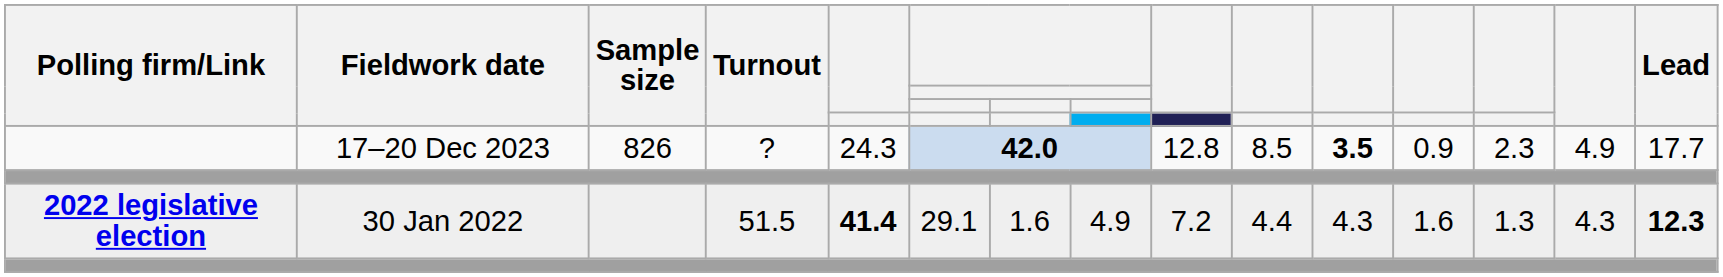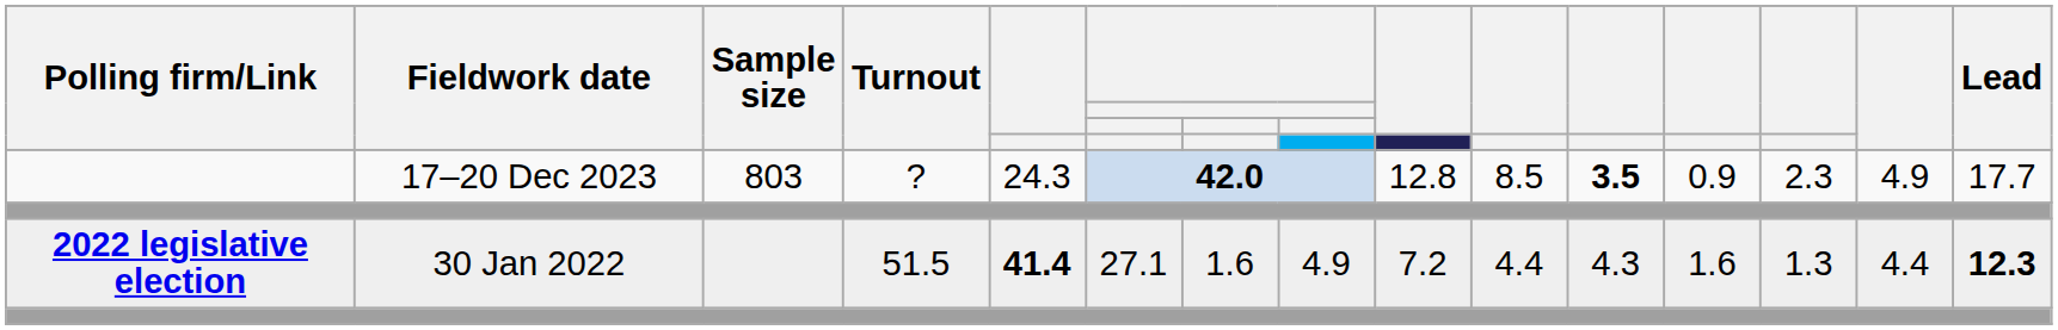 <table class="wikitable sortable mw-datatable" style="text-align:center;font-size:95%;line-height:16px;">
 <tr style="height:42px;">
 <th style="width:145px;" rowspan="4">Polling firm/Link</th>
 <th style="width:145px;" rowspan="4">Fieldwork date</th>
 <th class="unsortable" style="width:50px;" rowspan="4">Sample size</th>
 <th class="unsortable" style="width:45px;" rowspan="4">Turnout</th>
 <th rowspan="3" class="sortable" style="width:35px;"></th>
 <th colspan="3" class="unsortable" style="width:35px;"></th>
 <th rowspan="3" class="sortable" style="width:35px;"></th>
 <th rowspan="3" class="sortable" style="width:35px;"></th>
 <th rowspan="3" class="sortable" style="width:35px;"></th>
 <th rowspan="3" class="sortable" style="width:35px;"></th>
 <th rowspan="3" class="sortable" style="width:35px;"></th>
 <th class="unsortable" style="width:35px;" rowspan="4"></th>
 <th class="unsortable" style="width:30px;" rowspan="4">Lead</th>
 </tr>
 <tr>
 <th colspan="3" class="unsortable" style="color:inherit;background:"></th>
 </tr>
 <tr>
 <th class="unsortable" style="width:35px;"></th>
 <th class="unsortable" style="width:35px;"></th>
 <th class="unsortable" style="width:35px;"></th>
 </tr>
 <tr>
 <th class="sortable" style="color:inherit;background:"></th>
 <th class="unsortable" style="color:inherit;background:"></th>
 <th class="unsortable" style="color:inherit;background:"></th>
 <th class="sortable" style="color:inherit;background:#00ADEF;"></th>
 <th class="sortable" style="color:inherit;background:#202056;"></th>
 <th class="sortable" style="color:inherit;background:"></th>
 <th class="sortable" style="color:inherit;background:"></th>
 <th class="sortable" style="color:inherit;background:"></th>
 <th class="sortable" style="color:inherit;background:"></th>
 </tr>
 <tr>
 <td></td>
 <td data-sort-value="2019-10-03">17–20 Dec 2023</td>
-<td>826</td>
+<td>803</td>
 <td>?</td>
 <td>24.3</td>
 <td colspan="3" style="background:#CBDCEF"><strong>42.0</strong></td>
 <td>12.8</td>
 <td>8.5</td>
 <td><strong>3.5</strong></td>
 <td>0.9</td>
 <td>2.3</td>
 <td>4.9</td>
 <td style="background:">17.7</td>
 </tr>
 <tr>
 <td colspan="15" style="background:#A0A0A0"></td>
 </tr>
 <tr style="background:#EFEFEF">
 <td><strong><a href='#'>2022 legislative election</a></strong></td>
 <td>30 Jan 2022</td>
 <td></td>
 <td>51.5</td>
 <td><strong>41.4</strong><br></td>
-<td>29.1<br></td>
+<td>27.1<br></td>
 <td>1.6<br></td>
 <td>4.9<br></td>
 <td>7.2<br></td>
 <td>4.4<br></td>
 <td>4.3<br></td>
 <td>1.6<br></td>
 <td>1.3<br></td>
-<td>4.3<br></td>
+<td>4.4<br></td>
 <td style="background:"><strong>12.3</strong></td>
 </tr>
 <tr>
 <td colspan="15" style="background:#A0A0A0"></td>
 </tr>
 </table>
